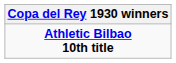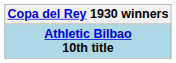 <table class="wikitable" style="text-align: center; margin: 0 auto;">
 <tr>
 <th><a href='#'>Copa del Rey</a> 1930 winners</th>
 </tr>
 <tr>
-<td><strong><a href='#'>Athletic Bilbao</a></strong><br><strong>10th title</strong></td>
+<td style="background: lightblue;"><strong><a href='#'>Athletic Bilbao</a></strong><br><strong>10th title</strong></td>
 </tr>
 </table>
